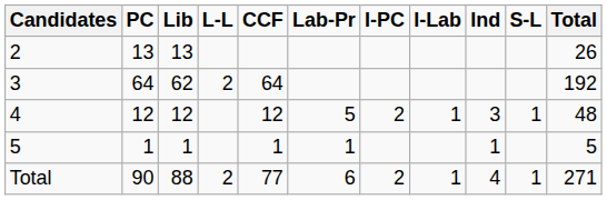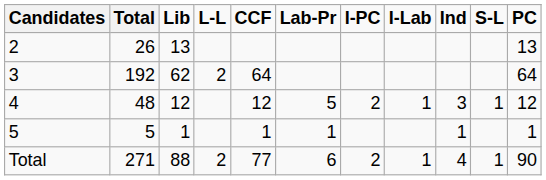 <table class="wikitable" style="text-align:right;">
 <tr>
 <th>Candidates</th>
-<td><strong>PC</strong></td>
+<th>Total</th>
 <td><strong>Lib</strong></td>
 <td><strong>L-L</strong></td>
 <td><strong>CCF</strong></td>
 <td><strong>Lab-Pr</strong></td>
 <td><strong>I-PC</strong></td>
 <td><strong>I-Lab</strong></td>
 <td><strong>Ind</strong></td>
 <td><strong>S-L</strong></td>
-<th>Total</th>
+<td><strong>PC</strong></td>
 </tr>
 <tr>
 <td style="text-align:left;">2</td>
-<td>13</td>
+<td>26</td>
 <td>13</td>
 <td></td>
 <td></td>
 <td></td>
 <td></td>
 <td></td>
 <td></td>
 <td></td>
-<td>26</td>
+<td>13</td>
 </tr>
 <tr>
 <td style="text-align:left;">3</td>
-<td>64</td>
+<td>192</td>
 <td>62</td>
 <td>2</td>
 <td>64</td>
 <td></td>
 <td></td>
 <td></td>
 <td></td>
 <td></td>
-<td>192</td>
+<td>64</td>
 </tr>
 <tr>
 <td style="text-align:left;">4</td>
-<td>12</td>
+<td>48</td>
 <td>12</td>
 <td></td>
 <td>12</td>
 <td>5</td>
 <td>2</td>
 <td>1</td>
 <td>3</td>
 <td>1</td>
-<td>48</td>
+<td>12</td>
 </tr>
 <tr>
 <td style="text-align:left;">5</td>
-<td>1</td>
+<td>5</td>
 <td>1</td>
 <td></td>
 <td>1</td>
 <td>1</td>
 <td></td>
 <td></td>
 <td>1</td>
 <td></td>
-<td>5</td>
+<td>1</td>
 </tr>
 <tr>
 <td style="text-align:left;">Total</td>
-<td>90</td>
+<td>271</td>
 <td>88</td>
 <td>2</td>
 <td>77</td>
 <td>6</td>
 <td>2</td>
 <td>1</td>
 <td>4</td>
 <td>1</td>
-<td>271</td>
+<td>90</td>
 </tr>
 </table>
